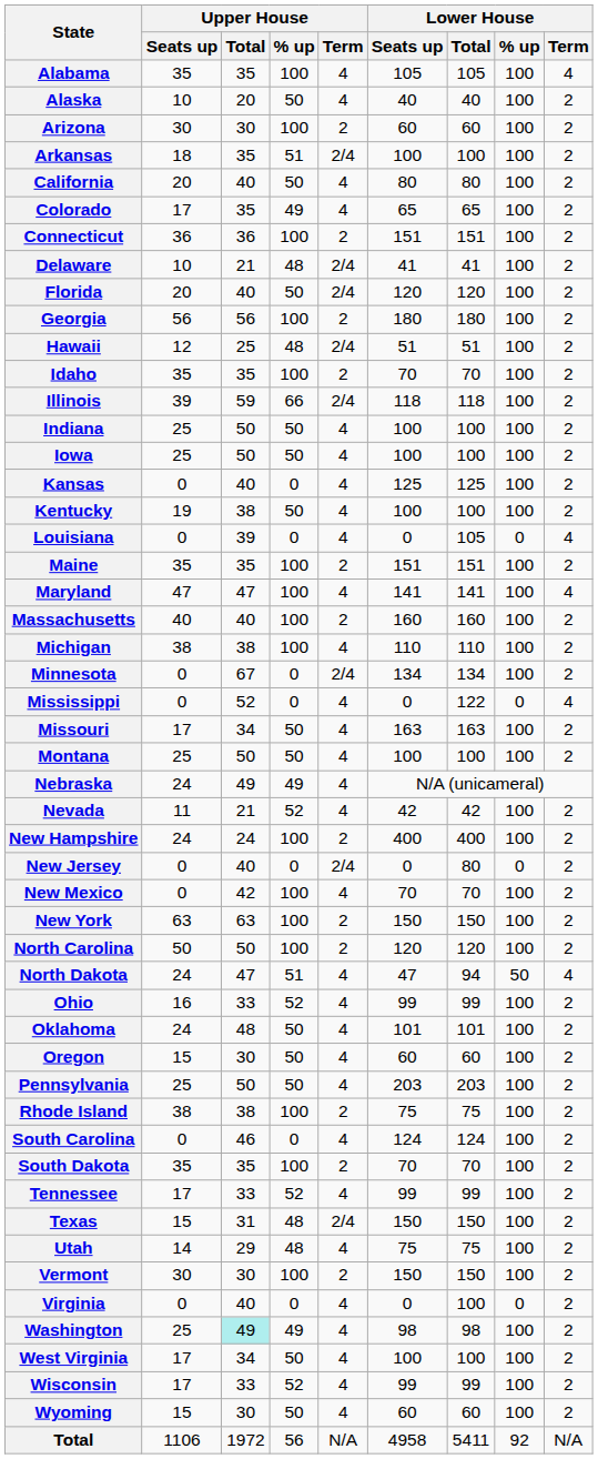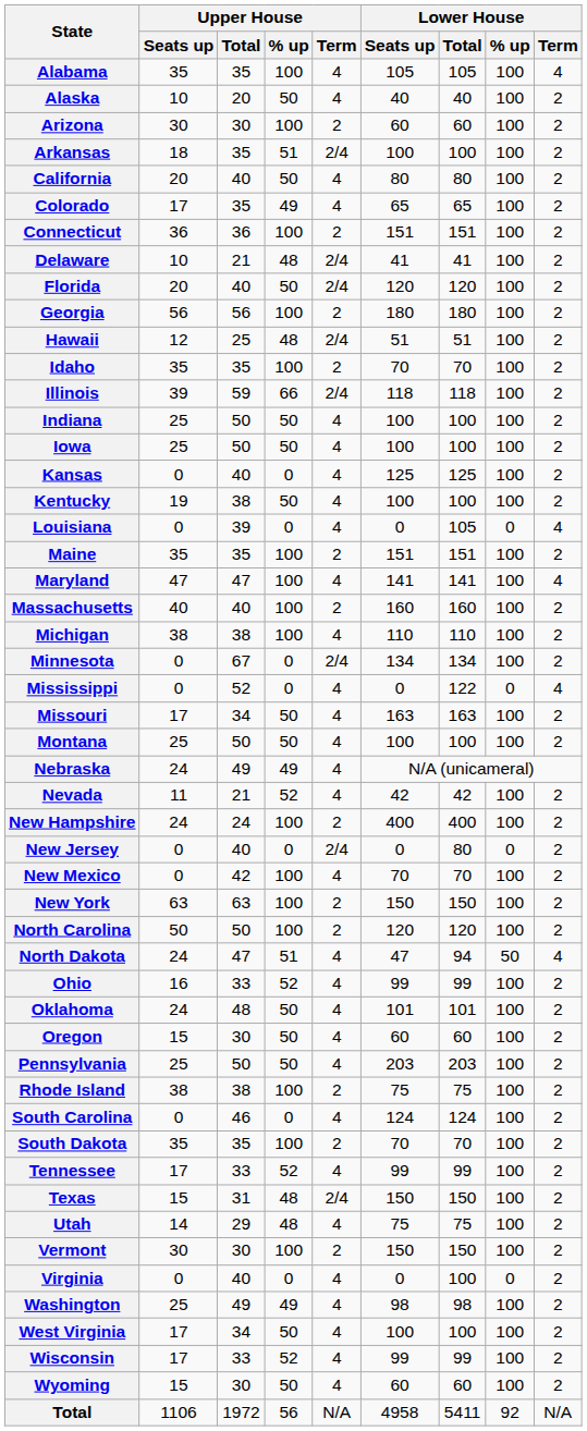 <table class="wikitable sortable plainrowheaders" style="text-align: center;">
 <tr>
 <th rowspan=2>State</th>
 <th colspan=4>Upper House</th>
 <th colspan=4>Lower House</th>
 </tr>
 <tr>
 <th>Seats up</th>
 <th>Total</th>
 <th>% up</th>
 <th>Term</th>
 <th>Seats up</th>
 <th>Total</th>
 <th>% up</th>
 <th>Term</th>
 </tr>
 <tr>
 <th scope="row"><a href='#'>Alabama</a></th>
 <td>35</td>
 <td>35</td>
 <td>100</td>
 <td>4</td>
 <td>105</td>
 <td>105</td>
 <td>100</td>
 <td>4</td>
 </tr>
 <tr>
 <th scope="row"><a href='#'>Alaska</a></th>
 <td>10</td>
 <td>20</td>
 <td>50</td>
 <td>4</td>
 <td>40</td>
 <td>40</td>
 <td>100</td>
 <td>2</td>
 </tr>
 <tr>
 <th scope="row"><a href='#'>Arizona</a></th>
 <td>30</td>
 <td>30</td>
 <td>100</td>
 <td>2</td>
 <td>60</td>
 <td>60</td>
 <td>100</td>
 <td>2</td>
 </tr>
 <tr>
 <th scope="row"><a href='#'>Arkansas</a></th>
 <td>18</td>
 <td>35</td>
 <td>51</td>
 <td>2/4</td>
 <td>100</td>
 <td>100</td>
 <td>100</td>
 <td>2</td>
 </tr>
 <tr>
 <th scope="row"><a href='#'>California</a></th>
 <td>20</td>
 <td>40</td>
 <td>50</td>
 <td>4</td>
 <td>80</td>
 <td>80</td>
 <td>100</td>
 <td>2</td>
 </tr>
 <tr>
 <th scope="row"><a href='#'>Colorado</a></th>
 <td>17</td>
 <td>35</td>
 <td>49</td>
 <td>4</td>
 <td>65</td>
 <td>65</td>
 <td>100</td>
 <td>2</td>
 </tr>
 <tr>
 <th scope="row"><a href='#'>Connecticut</a></th>
 <td>36</td>
 <td>36</td>
 <td>100</td>
 <td>2</td>
 <td>151</td>
 <td>151</td>
 <td>100</td>
 <td>2</td>
 </tr>
 <tr>
 <th scope="row"><a href='#'>Delaware</a></th>
 <td>10</td>
 <td>21</td>
 <td>48</td>
 <td>2/4</td>
 <td>41</td>
 <td>41</td>
 <td>100</td>
 <td>2</td>
 </tr>
 <tr>
 <th scope="row"><a href='#'>Florida</a></th>
 <td>20</td>
 <td>40</td>
 <td>50</td>
 <td>2/4</td>
 <td>120</td>
 <td>120</td>
 <td>100</td>
 <td>2</td>
 </tr>
 <tr>
 <th scope="row"><a href='#'>Georgia</a></th>
 <td>56</td>
 <td>56</td>
 <td>100</td>
 <td>2</td>
 <td>180</td>
 <td>180</td>
 <td>100</td>
 <td>2</td>
 </tr>
 <tr>
 <th scope="row"><a href='#'>Hawaii</a></th>
 <td>12</td>
 <td>25</td>
 <td>48</td>
 <td>2/4</td>
 <td>51</td>
 <td>51</td>
 <td>100</td>
 <td>2</td>
 </tr>
 <tr>
 <th scope="row"><a href='#'>Idaho</a></th>
 <td>35</td>
 <td>35</td>
 <td>100</td>
 <td>2</td>
 <td>70</td>
 <td>70</td>
 <td>100</td>
 <td>2</td>
 </tr>
 <tr>
 <th scope="row"><a href='#'>Illinois</a></th>
 <td>39</td>
 <td>59</td>
 <td>66</td>
 <td>2/4</td>
 <td>118</td>
 <td>118</td>
 <td>100</td>
 <td>2</td>
 </tr>
 <tr>
 <th scope="row"><a href='#'>Indiana</a></th>
 <td>25</td>
 <td>50</td>
 <td>50</td>
 <td>4</td>
 <td>100</td>
 <td>100</td>
 <td>100</td>
 <td>2</td>
 </tr>
 <tr>
 <th scope="row"><a href='#'>Iowa</a></th>
 <td>25</td>
 <td>50</td>
 <td>50</td>
 <td>4</td>
 <td>100</td>
 <td>100</td>
 <td>100</td>
 <td>2</td>
 </tr>
 <tr>
 <th scope="row"><a href='#'>Kansas</a></th>
 <td>0</td>
 <td>40</td>
 <td>0</td>
 <td>4</td>
 <td>125</td>
 <td>125</td>
 <td>100</td>
 <td>2</td>
 </tr>
 <tr>
 <th scope="row"><a href='#'>Kentucky</a></th>
 <td>19</td>
 <td>38</td>
 <td>50</td>
 <td>4</td>
 <td>100</td>
 <td>100</td>
 <td>100</td>
 <td>2</td>
 </tr>
 <tr>
 <th scope="row"><a href='#'>Louisiana</a></th>
 <td>0</td>
 <td>39</td>
 <td>0</td>
 <td>4</td>
 <td>0</td>
 <td>105</td>
 <td>0</td>
 <td>4</td>
 </tr>
 <tr>
 <th scope="row"><a href='#'>Maine</a></th>
 <td>35</td>
 <td>35</td>
 <td>100</td>
 <td>2</td>
 <td>151</td>
 <td>151</td>
 <td>100</td>
 <td>2</td>
 </tr>
 <tr>
 <th scope="row"><a href='#'>Maryland</a></th>
 <td>47</td>
 <td>47</td>
 <td>100</td>
 <td>4</td>
 <td>141</td>
 <td>141</td>
 <td>100</td>
 <td>4</td>
 </tr>
 <tr>
 <th scope="row"><a href='#'>Massachusetts</a></th>
 <td>40</td>
 <td>40</td>
 <td>100</td>
 <td>2</td>
 <td>160</td>
 <td>160</td>
 <td>100</td>
 <td>2</td>
 </tr>
 <tr>
 <th scope="row"><a href='#'>Michigan</a></th>
 <td>38</td>
 <td>38</td>
 <td>100</td>
 <td>4</td>
 <td>110</td>
 <td>110</td>
 <td>100</td>
 <td>2</td>
 </tr>
 <tr>
 <th scope="row"><a href='#'>Minnesota</a></th>
 <td>0</td>
 <td>67</td>
 <td>0</td>
 <td>2/4</td>
 <td>134</td>
 <td>134</td>
 <td>100</td>
 <td>2</td>
 </tr>
 <tr>
 <th scope="row"><a href='#'>Mississippi</a></th>
 <td>0</td>
 <td>52</td>
 <td>0</td>
 <td>4</td>
 <td>0</td>
 <td>122</td>
 <td>0</td>
 <td>4</td>
 </tr>
 <tr>
 <th scope="row"><a href='#'>Missouri</a></th>
 <td>17</td>
 <td>34</td>
 <td>50</td>
 <td>4</td>
 <td>163</td>
 <td>163</td>
 <td>100</td>
 <td>2</td>
 </tr>
 <tr>
 <th scope="row"><a href='#'>Montana</a></th>
 <td>25</td>
 <td>50</td>
 <td>50</td>
 <td>4</td>
 <td>100</td>
 <td>100</td>
 <td>100</td>
 <td>2</td>
 </tr>
 <tr>
 <th scope="row"><a href='#'>Nebraska</a></th>
 <td>24</td>
 <td>49</td>
 <td>49</td>
 <td>4</td>
 <td colspan=4>N/A (unicameral)</td>
 </tr>
 <tr>
 <th scope="row"><a href='#'>Nevada</a></th>
 <td>11</td>
 <td>21</td>
 <td>52</td>
 <td>4</td>
 <td>42</td>
 <td>42</td>
 <td>100</td>
 <td>2</td>
 </tr>
 <tr>
 <th scope="row"><a href='#'>New Hampshire</a></th>
 <td>24</td>
 <td>24</td>
 <td>100</td>
 <td>2</td>
 <td>400</td>
 <td>400</td>
 <td>100</td>
 <td>2</td>
 </tr>
 <tr>
 <th scope="row"><a href='#'>New Jersey</a></th>
 <td>0</td>
 <td>40</td>
 <td>0</td>
 <td>2/4</td>
 <td>0</td>
 <td>80</td>
 <td>0</td>
 <td>2</td>
 </tr>
 <tr>
 <th scope="row"><a href='#'>New Mexico</a></th>
 <td>0</td>
 <td>42</td>
 <td>100</td>
 <td>4</td>
 <td>70</td>
 <td>70</td>
 <td>100</td>
 <td>2</td>
 </tr>
 <tr>
 <th scope="row"><a href='#'>New York</a></th>
 <td>63</td>
 <td>63</td>
 <td>100</td>
 <td>2</td>
 <td>150</td>
 <td>150</td>
 <td>100</td>
 <td>2</td>
 </tr>
 <tr>
 <th scope="row"><a href='#'>North Carolina</a></th>
 <td>50</td>
 <td>50</td>
 <td>100</td>
 <td>2</td>
 <td>120</td>
 <td>120</td>
 <td>100</td>
 <td>2</td>
 </tr>
 <tr>
 <th scope="row"><a href='#'>North Dakota</a></th>
 <td>24</td>
 <td>47</td>
 <td>51</td>
 <td>4</td>
 <td>47</td>
 <td>94</td>
 <td>50</td>
 <td>4</td>
 </tr>
 <tr>
 <th scope="row"><a href='#'>Ohio</a></th>
 <td>16</td>
 <td>33</td>
 <td>52</td>
 <td>4</td>
 <td>99</td>
 <td>99</td>
 <td>100</td>
 <td>2</td>
 </tr>
 <tr>
 <th scope="row"><a href='#'>Oklahoma</a></th>
 <td>24</td>
 <td>48</td>
 <td>50</td>
 <td>4</td>
 <td>101</td>
 <td>101</td>
 <td>100</td>
 <td>2</td>
 </tr>
 <tr>
 <th scope="row"><a href='#'>Oregon</a></th>
 <td>15</td>
 <td>30</td>
 <td>50</td>
 <td>4</td>
 <td>60</td>
 <td>60</td>
 <td>100</td>
 <td>2</td>
 </tr>
 <tr>
 <th scope="row"><a href='#'>Pennsylvania</a></th>
 <td>25</td>
 <td>50</td>
 <td>50</td>
 <td>4</td>
 <td>203</td>
 <td>203</td>
 <td>100</td>
 <td>2</td>
 </tr>
 <tr>
 <th scope="row"><a href='#'>Rhode Island</a></th>
 <td>38</td>
 <td>38</td>
 <td>100</td>
 <td>2</td>
 <td>75</td>
 <td>75</td>
 <td>100</td>
 <td>2</td>
 </tr>
 <tr>
 <th scope="row"><a href='#'>South Carolina</a></th>
 <td>0</td>
 <td>46</td>
 <td>0</td>
 <td>4</td>
 <td>124</td>
 <td>124</td>
 <td>100</td>
 <td>2</td>
 </tr>
 <tr>
 <th scope="row"><a href='#'>South Dakota</a></th>
 <td>35</td>
 <td>35</td>
 <td>100</td>
 <td>2</td>
 <td>70</td>
 <td>70</td>
 <td>100</td>
 <td>2</td>
 </tr>
 <tr>
 <th scope="row"><a href='#'>Tennessee</a></th>
 <td>17</td>
 <td>33</td>
 <td>52</td>
 <td>4</td>
 <td>99</td>
 <td>99</td>
 <td>100</td>
 <td>2</td>
 </tr>
 <tr>
 <th scope="row"><a href='#'>Texas</a></th>
 <td>15</td>
 <td>31</td>
 <td>48</td>
 <td>2/4</td>
 <td>150</td>
 <td>150</td>
 <td>100</td>
 <td>2</td>
 </tr>
 <tr>
 <th scope="row"><a href='#'>Utah</a></th>
 <td>14</td>
 <td>29</td>
 <td>48</td>
 <td>4</td>
 <td>75</td>
 <td>75</td>
 <td>100</td>
 <td>2</td>
 </tr>
 <tr>
 <th scope="row"><a href='#'>Vermont</a></th>
 <td>30</td>
 <td>30</td>
 <td>100</td>
 <td>2</td>
 <td>150</td>
 <td>150</td>
 <td>100</td>
 <td>2</td>
 </tr>
 <tr>
 <th scope="row"><a href='#'>Virginia</a></th>
 <td>0</td>
 <td>40</td>
 <td>0</td>
 <td>4</td>
 <td>0</td>
 <td>100</td>
 <td>0</td>
 <td>2</td>
 </tr>
 <tr>
 <th scope="row"><a href='#'>Washington</a></th>
 <td>25</td>
-<td style="background: paleturquoise;">49</td>
+<td>49</td>
 <td>49</td>
 <td>4</td>
 <td>98</td>
 <td>98</td>
 <td>100</td>
 <td>2</td>
 </tr>
 <tr>
 <th scope="row"><a href='#'>West Virginia</a></th>
 <td>17</td>
 <td>34</td>
 <td>50</td>
 <td>4</td>
 <td>100</td>
 <td>100</td>
 <td>100</td>
 <td>2</td>
 </tr>
 <tr>
 <th scope="row"><a href='#'>Wisconsin</a></th>
 <td>17</td>
 <td>33</td>
 <td>52</td>
 <td>4</td>
 <td>99</td>
 <td>99</td>
 <td>100</td>
 <td>2</td>
 </tr>
 <tr>
 <th scope="row"><a href='#'>Wyoming</a></th>
 <td>15</td>
 <td>30</td>
 <td>50</td>
 <td>4</td>
 <td>60</td>
 <td>60</td>
 <td>100</td>
 <td>2</td>
 </tr>
 <tr class="sortbottom" |>
 <th scope="row">Total</th>
 <td>1106</td>
 <td>1972</td>
 <td>56</td>
 <td>N/A</td>
 <td>4958</td>
 <td>5411</td>
 <td>92</td>
 <td>N/A</td>
 </tr>
 </table>
